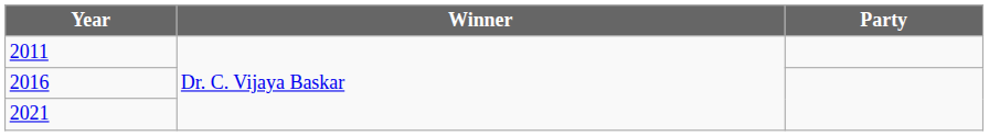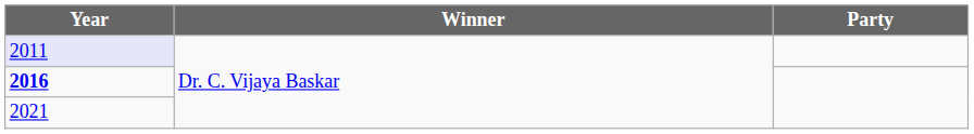 <table class="wikitable" width="50%">
 <tr>
 <th style="background-color:#666666; color:white">Year</th>
 <th style="background-color:#666666; color:white">Winner</th>
 <th style="background-color:#666666; color:white" colspan="2">Party</th>
 </tr>
 <tr>
-<td><a href='#'>2011</a></td>
+<td style="background: lavender;"><a href='#'>2011</a></td>
 <td rowspan=3><a href='#'>Dr. C. Vijaya Baskar</a></td>
 <td></td>
 </tr>
 <tr>
-<td><a href='#'>2016</a></td>
+<td><strong><a href='#'>2016</a></strong></td>
 </tr>
 <tr>
 <td><a href='#'>2021</a></td>
 </tr>
 </table>
